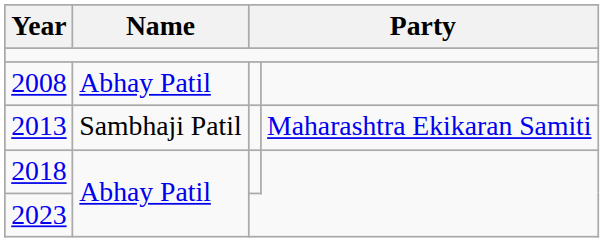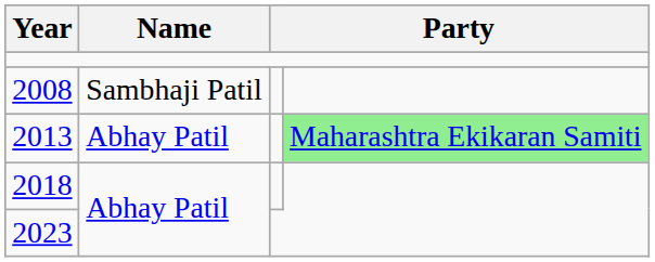 <table class="wikitable">
 <tr>
 <th>Year</th>
 <th>Name</th>
 <th colspan=2>Party</th>
 </tr>
 <tr>
 <td colspan="4"></td>
 </tr>
 <tr>
 <td><a href='#'>2008</a></td>
-<td><a href='#'>Abhay Patil</a></td>
+<td>Sambhaji Patil</td>
 <td></td>
 </tr>
 <tr>
 <td><a href='#'>2013</a></td>
-<td>Sambhaji Patil</td>
+<td><a href='#'>Abhay Patil</a></td>
 <td style="background-color :"></td>
-<td><a href='#'>Maharashtra Ekikaran Samiti</a></td>
+<td style="background: lightgreen;"><a href='#'>Maharashtra Ekikaran Samiti</a></td>
 </tr>
 <tr>
 <td><a href='#'>2018</a></td>
 <td rowspan=2><a href='#'>Abhay Patil</a></td>
 <td></td>
 </tr>
 <tr>
 <td><a href='#'>2023</a></td>
 </tr>
 </table>
